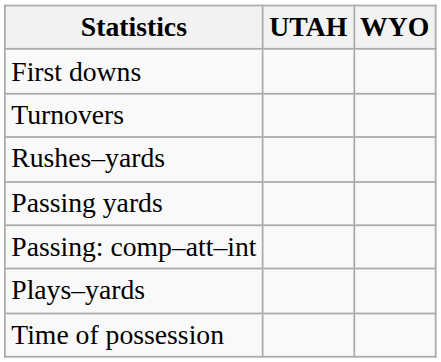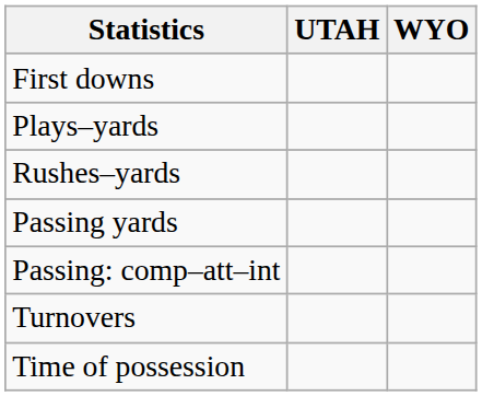 <table class="wikitable" style="float:left">
 <tr>
 <th>Statistics</th>
 <th>UTAH</th>
 <th>WYO</th>
 </tr>
 <tr>
 <td>First downs</td>
 <td></td>
 <td></td>
 </tr>
 <tr>
-<td>Turnovers</td>
+<td>Plays–yards</td>
 <td></td>
 <td></td>
 </tr>
 <tr>
 <td>Rushes–yards</td>
 <td></td>
 <td></td>
 </tr>
 <tr>
 <td>Passing yards</td>
 <td></td>
 <td></td>
 </tr>
 <tr>
 <td>Passing: comp–att–int</td>
 <td></td>
 <td></td>
 </tr>
 <tr>
-<td>Plays–yards</td>
+<td>Turnovers</td>
 <td></td>
 <td></td>
 </tr>
 <tr>
 <td>Time of possession</td>
 <td></td>
 <td></td>
 </tr>
 </table>
